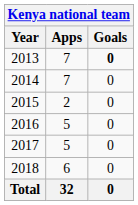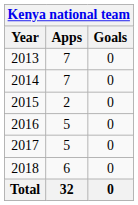 <table class="wikitable" style="text-align:center">
 <tr>
 <th colspan=3><a href='#'>Kenya national team</a></th>
 </tr>
 <tr>
 <th>Year</th>
 <th>Apps</th>
 <th>Goals</th>
 </tr>
 <tr>
 <td>2013</td>
 <td>7</td>
-<td><strong>0</strong></td>
+<td>0</td>
 </tr>
 <tr>
 <td>2014</td>
 <td>7</td>
 <td>0</td>
 </tr>
 <tr>
 <td>2015</td>
 <td>2</td>
 <td>0</td>
 </tr>
 <tr>
 <td>2016</td>
 <td>5</td>
 <td>0</td>
 </tr>
 <tr>
 <td>2017</td>
 <td>5</td>
 <td>0</td>
 </tr>
 <tr>
 <td>2018</td>
 <td>6</td>
 <td>0</td>
 </tr>
 <tr>
 <th>Total</th>
 <th>32</th>
 <th>0</th>
 </tr>
 </table>
